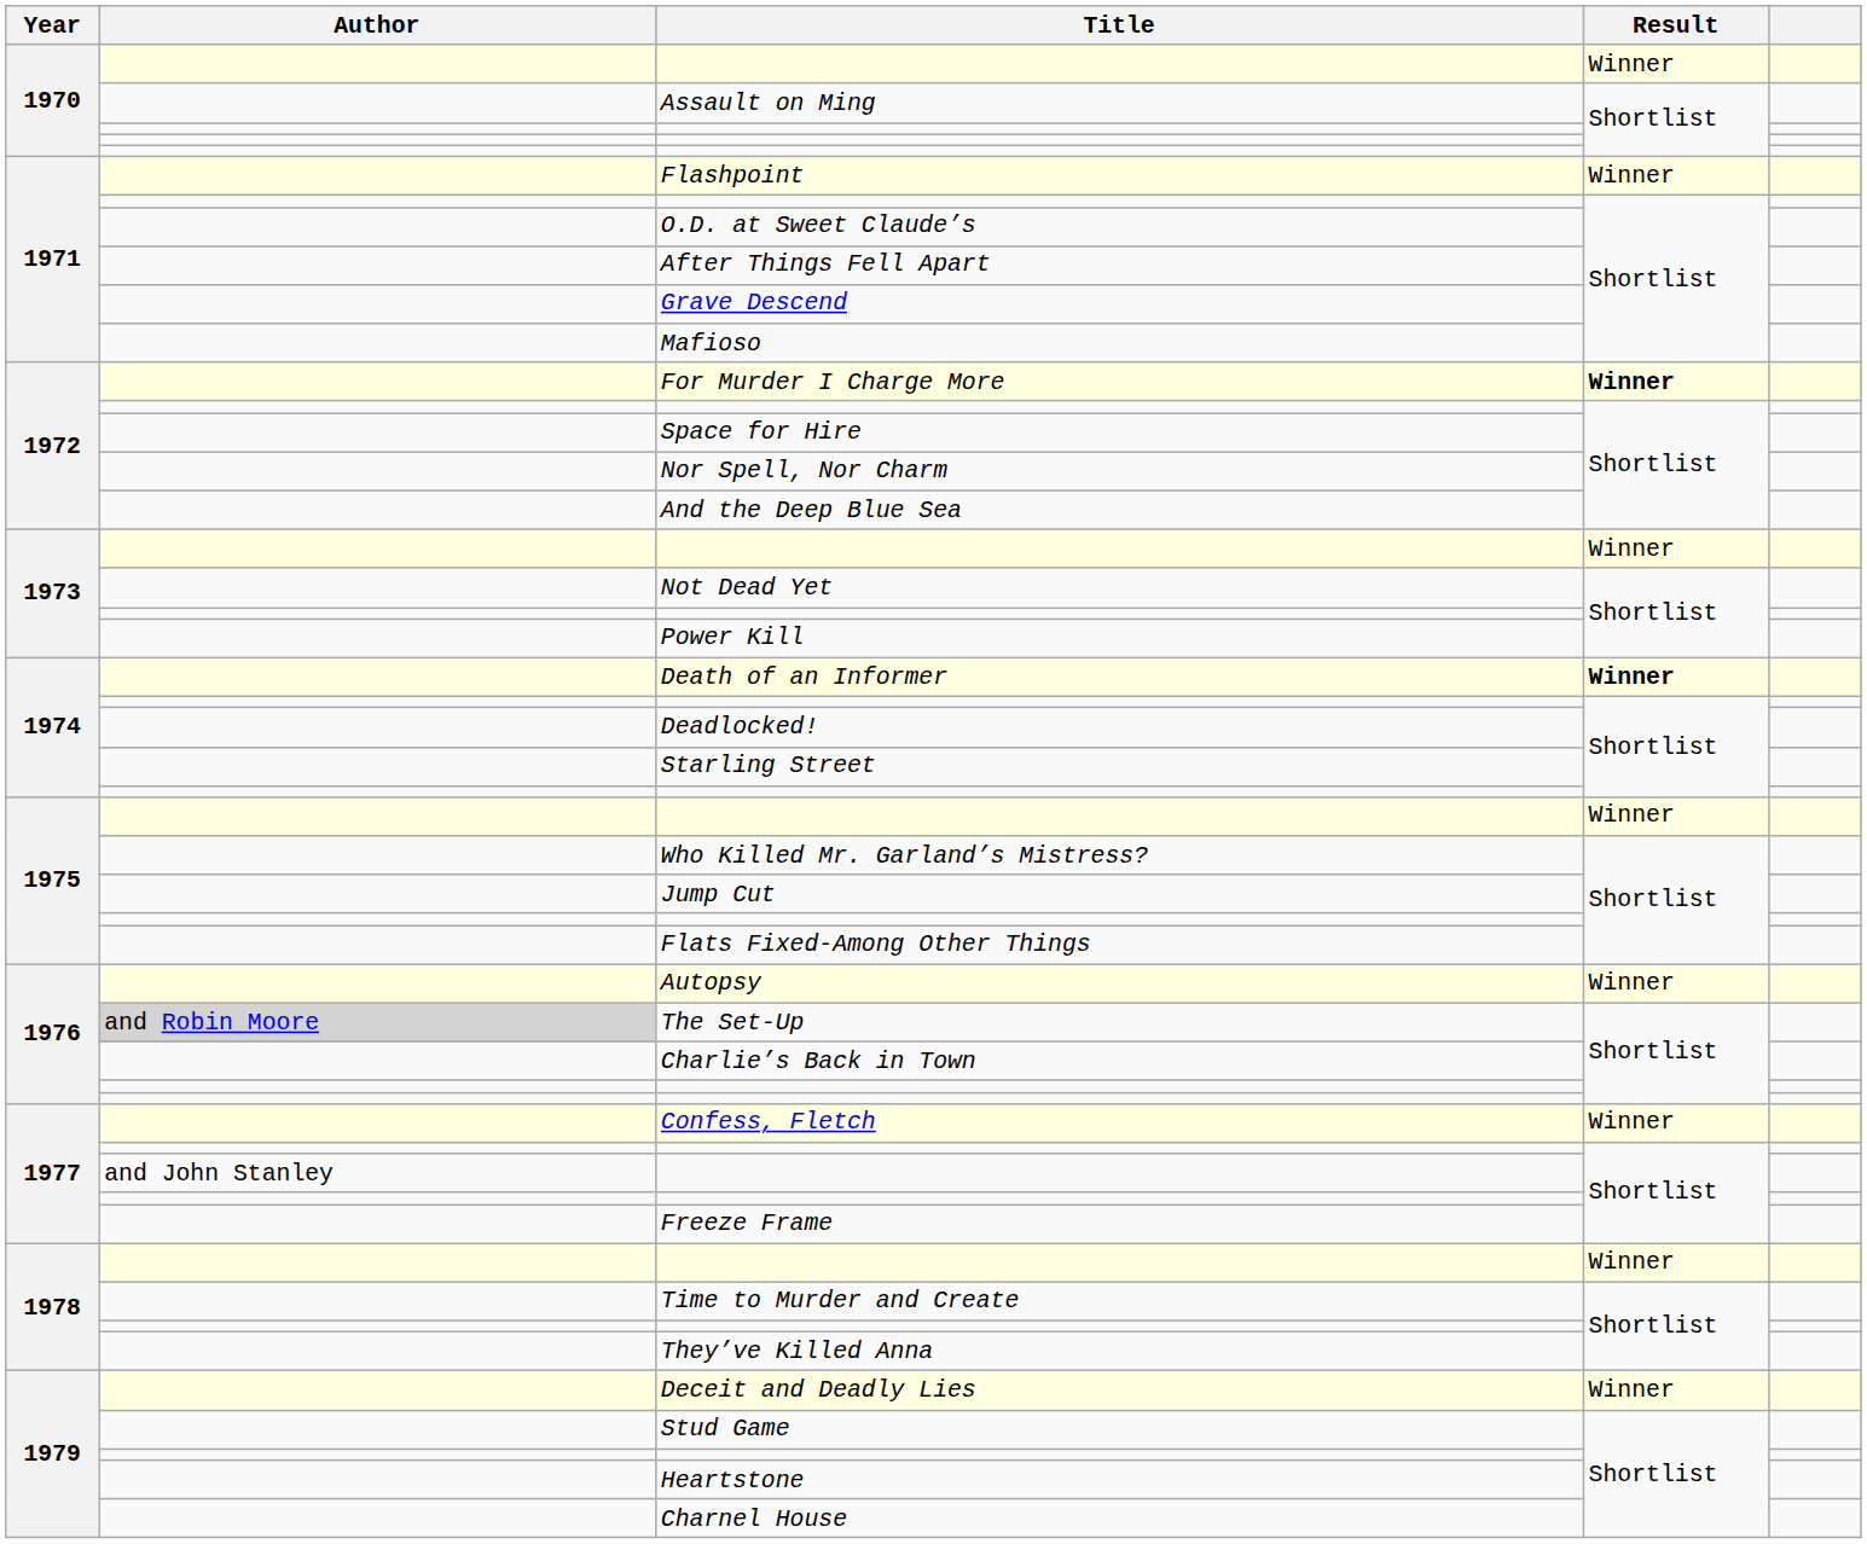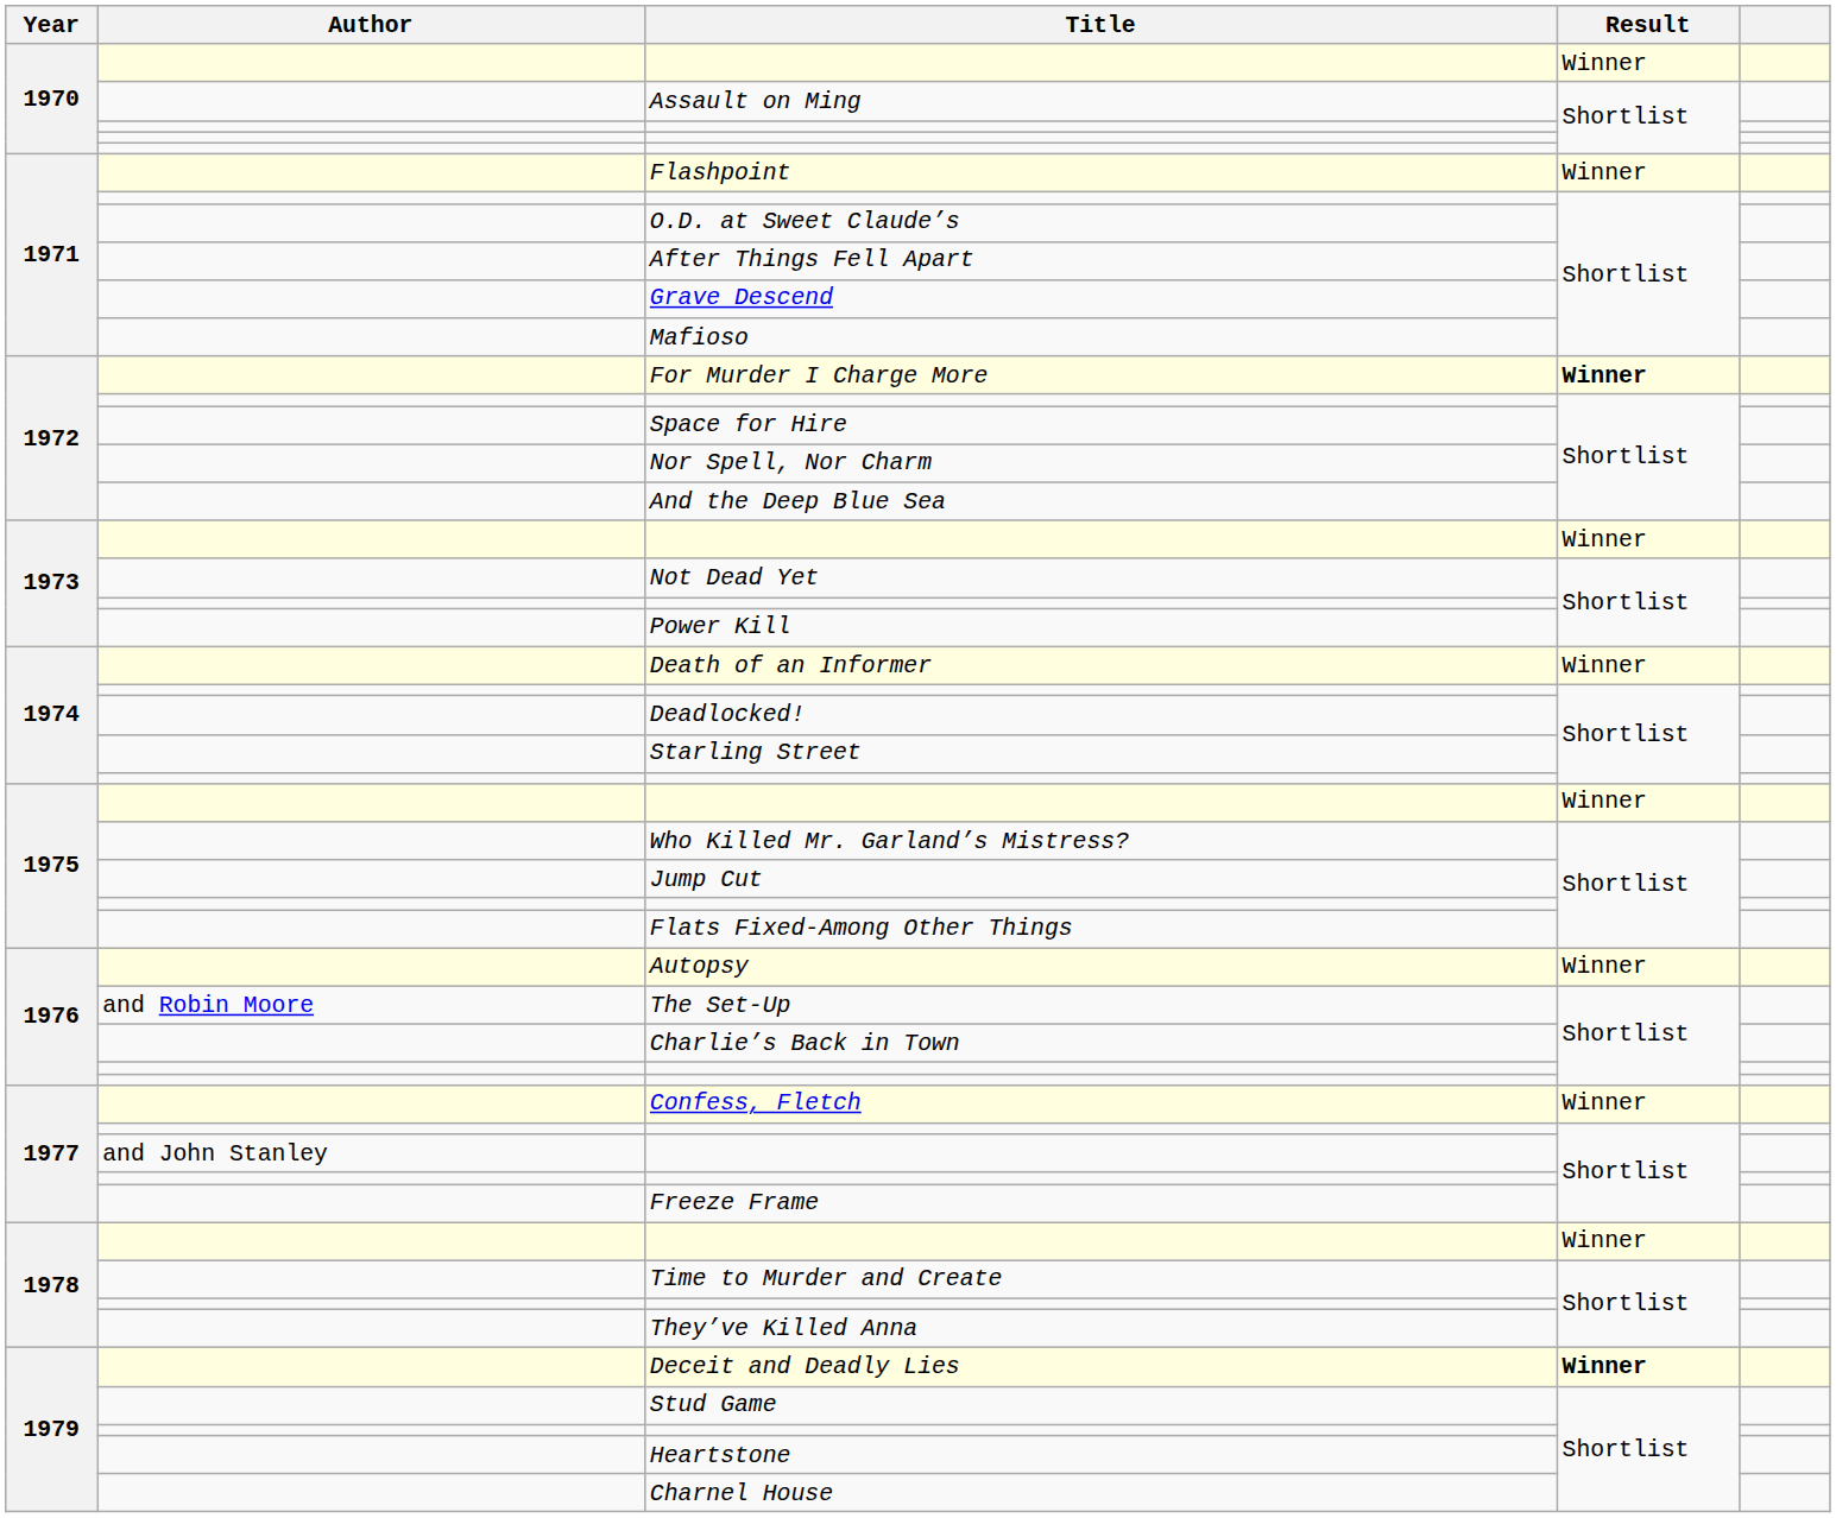 <table class="wikitable sortable mw-collapsible" style="width:80%">
 <tr>
 <th scope="col" width="5%">Year</th>
 <th scope="col" width="30%">Author</th>
 <th scope="col" width="50%">Title</th>
 <th scope="col" width="10%">Result</th>
 <th scope="col" width="5%"></th>
 </tr>
 <tr style="background:lightyellow;">
 <th rowspan="5">1970</th>
 <td></td>
 <td><em></em></td>
 <td>Winner</td>
 <td></td>
 </tr>
 <tr>
 <td></td>
 <td><em>Assault on Ming</em></td>
 <td rowspan="4">Shortlist</td>
 <td></td>
 </tr>
 <tr>
 <td></td>
 <td></td>
 <td></td>
 </tr>
 <tr>
 <td></td>
 <td></td>
 <td></td>
 </tr>
 <tr>
 <td></td>
 <td></td>
 <td></td>
 </tr>
 <tr style="background:lightyellow;">
 <th rowspan="6">1971</th>
 <td></td>
 <td><em>Flashpoint</em></td>
 <td>Winner</td>
 <td></td>
 </tr>
 <tr>
 <td></td>
 <td></td>
 <td rowspan="5">Shortlist</td>
 <td></td>
 </tr>
 <tr>
 <td></td>
 <td><em>O.D. at Sweet Claude’s</em></td>
 <td></td>
 </tr>
 <tr>
 <td></td>
 <td><em>After Things Fell Apart</em></td>
 <td></td>
 </tr>
 <tr>
 <td></td>
 <td><em><a href='#'>Grave Descend</a></em></td>
 <td></td>
 </tr>
 <tr>
 <td></td>
 <td><em>Mafioso</em></td>
 <td></td>
 </tr>
 <tr style="background:lightyellow;">
 <th rowspan="5">1972</th>
 <td></td>
 <td><em>For Murder I Charge More</em></td>
 <td><strong>Winner</strong></td>
 <td></td>
 </tr>
 <tr>
 <td></td>
 <td></td>
 <td rowspan="4">Shortlist</td>
 <td></td>
 </tr>
 <tr>
 <td></td>
 <td><em>Space for Hire</em></td>
 <td></td>
 </tr>
 <tr>
 <td></td>
 <td><em>Nor Spell, Nor Charm</em></td>
 <td></td>
 </tr>
 <tr>
 <td></td>
 <td><em>And the Deep Blue Sea</em></td>
 <td></td>
 </tr>
 <tr style="background:lightyellow;">
 <th rowspan="4">1973</th>
 <td></td>
 <td><em></em></td>
 <td>Winner</td>
 <td></td>
 </tr>
 <tr>
 <td></td>
 <td><em>Not Dead Yet</em></td>
 <td rowspan="3">Shortlist</td>
 <td></td>
 </tr>
 <tr>
 <td></td>
 <td></td>
 <td></td>
 </tr>
 <tr>
 <td></td>
 <td><em>Power Kill</em></td>
 <td></td>
 </tr>
 <tr style="background:lightyellow;">
 <th rowspan="5">1974</th>
 <td></td>
 <td><em>Death of an Informer</em></td>
-<td><strong>Winner</strong></td>
+<td>Winner</td>
 <td></td>
 </tr>
 <tr>
 <td></td>
 <td></td>
 <td rowspan="4">Shortlist</td>
 <td></td>
 </tr>
 <tr>
 <td></td>
 <td><em>Deadlocked!</em></td>
 <td></td>
 </tr>
 <tr>
 <td></td>
 <td><em>Starling Street</em></td>
 <td></td>
 </tr>
 <tr>
 <td></td>
 <td></td>
 <td></td>
 </tr>
 <tr style="background:lightyellow;">
 <th rowspan="5">1975</th>
 <td></td>
 <td><em></em></td>
 <td>Winner</td>
 <td></td>
 </tr>
 <tr>
 <td></td>
 <td><em>Who Killed Mr. Garland’s Mistress?</em></td>
 <td rowspan="4">Shortlist</td>
 <td></td>
 </tr>
 <tr>
 <td></td>
 <td><em>Jump Cut</em></td>
 <td></td>
 </tr>
 <tr>
 <td></td>
 <td></td>
 <td></td>
 </tr>
 <tr>
 <td></td>
 <td><em>Flats Fixed-Among Other Things</em></td>
 <td></td>
 </tr>
 <tr style="background:lightyellow;">
 <th rowspan="5">1976</th>
 <td></td>
 <td><em>Autopsy</em></td>
 <td>Winner</td>
 <td></td>
 </tr>
 <tr>
-<td style="background: lightgrey;"> and <a href='#'>Robin Moore</a></td>
+<td> and <a href='#'>Robin Moore</a></td>
 <td><em>The Set-Up</em></td>
 <td rowspan="4">Shortlist</td>
 <td></td>
 </tr>
 <tr>
 <td></td>
 <td><em>Charlie’s Back in Town</em></td>
 <td></td>
 </tr>
 <tr>
 <td></td>
 <td></td>
 <td></td>
 </tr>
 <tr>
 <td></td>
 <td></td>
 <td></td>
 </tr>
 <tr style="background:lightyellow;">
 <th rowspan="5">1977</th>
 <td></td>
 <td><a href='#'><em>Confess, Fletch</em></a></td>
 <td>Winner</td>
 <td></td>
 </tr>
 <tr>
 <td></td>
 <td></td>
 <td rowspan="4">Shortlist</td>
 <td></td>
 </tr>
 <tr>
 <td> and John Stanley</td>
 <td></td>
 <td></td>
 </tr>
 <tr>
 <td></td>
 <td></td>
 <td></td>
 </tr>
 <tr>
 <td></td>
 <td><em>Freeze Frame</em></td>
 <td></td>
 </tr>
 <tr style="background:lightyellow;">
 <th rowspan="4">1978</th>
 <td></td>
 <td><em></em></td>
 <td>Winner</td>
 <td></td>
 </tr>
 <tr>
 <td></td>
 <td><em>Time to Murder and Create</em></td>
 <td rowspan="3">Shortlist</td>
 <td></td>
 </tr>
 <tr>
 <td></td>
 <td></td>
 <td></td>
 </tr>
 <tr>
 <td></td>
 <td><em>They’ve Killed Anna</em></td>
 <td></td>
 </tr>
 <tr style="background:lightyellow;">
 <th rowspan="5">1979</th>
 <td></td>
 <td><em>Deceit and Deadly Lies</em></td>
-<td>Winner</td>
+<td><strong>Winner</strong></td>
 <td></td>
 </tr>
 <tr>
 <td></td>
 <td><em>Stud Game</em></td>
 <td rowspan="4">Shortlist</td>
 <td></td>
 </tr>
 <tr>
 <td></td>
 <td></td>
 <td></td>
 </tr>
 <tr>
 <td></td>
 <td><em>Heartstone</em></td>
 <td></td>
 </tr>
 <tr>
 <td></td>
 <td><em>Charnel House</em></td>
 <td></td>
 </tr>
 </table>
